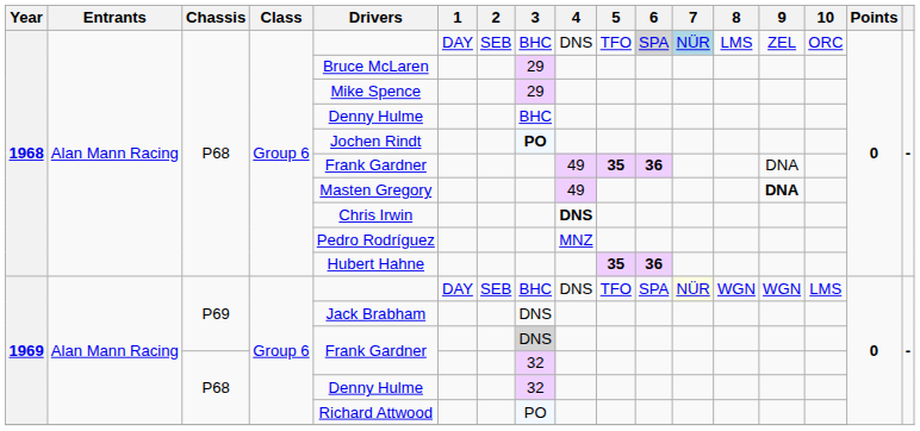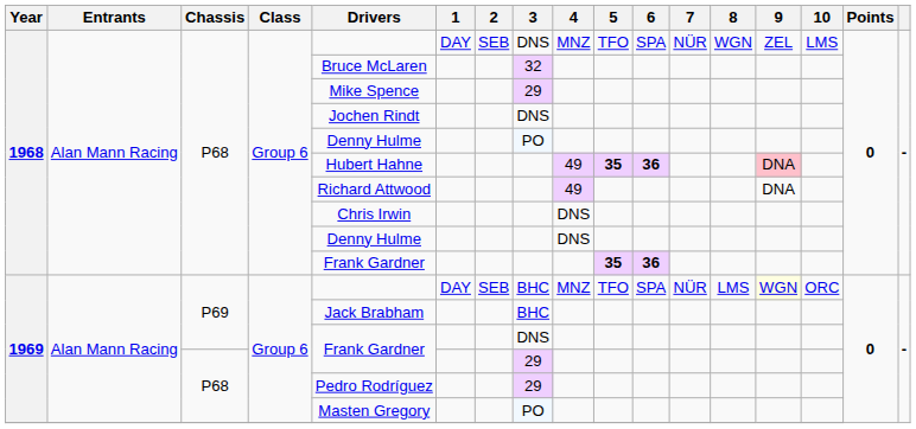 <table class="wikitable" style="text-align:center; font-size:90%">
 <tr>
 <th>Year</th>
 <th>Entrants</th>
 <th>Chassis</th>
 <th>Class</th>
 <th>Drivers</th>
 <th>1</th>
 <th>2</th>
 <th>3</th>
 <th>4</th>
 <th>5</th>
 <th>6</th>
 <th>7</th>
 <th>8</th>
 <th>9</th>
 <th>10</th>
 <th>Points</th>
 <th></th>
 </tr>
 <tr>
 <th rowspan=10><a href='#'>1968</a></th>
 <td rowspan=10 align="left"><a href='#'>Alan Mann Racing</a></td>
 <td rowspan=10>P68</td>
 <td rowspan=10><a href='#'>Group 6</a></td>
 <td></td>
 <td><a href='#'>DAY</a></td>
 <td><a href='#'>SEB</a></td>
-<td><a href='#'>BHC</a></td>
 <td>DNS</td>
+<td><a href='#'>MNZ</a></td>
 <td><a href='#'>TFO</a></td>
-<td style="background: lightgrey;"><a href='#'>SPA</a></td>
-<td style="background: lightblue;"><a href='#'>NÜR</a></td>
+<td><a href='#'>SPA</a></td>
+<td><a href='#'>NÜR</a></td>
+<td><a href='#'>WGN</a></td>
+<td><a href='#'>ZEL</a></td>
 <td><a href='#'>LMS</a></td>
-<td><a href='#'>ZEL</a></td>
-<td><a href='#'>ORC</a></td>
 <td rowspan=10><strong>0</strong></td>
 <td rowspan=10><strong>-</strong></td>
 </tr>
 <tr>
 <td> <a href='#'>Bruce McLaren</a></td>
 <td></td>
 <td></td>
-<td style="background:#efcfff;">29</td>
+<td style="background:#efcfff;">32</td>
 <td></td>
 <td></td>
 <td></td>
 <td></td>
 <td></td>
 <td></td>
 <td></td>
 </tr>
 <tr>
 <td> <a href='#'>Mike Spence</a></td>
 <td></td>
 <td></td>
 <td style="background:#efcfff;">29</td>
 <td></td>
 <td></td>
 <td></td>
 <td></td>
 <td></td>
 <td></td>
 <td></td>
 </tr>
 <tr>
-<td> <a href='#'>Denny Hulme</a></td>
+<td> <a href='#'>Jochen Rindt</a></td>
 <td></td>
 <td></td>
-<td><a href='#'>BHC</a></td>
+<td>DNS</td>
 <td></td>
 <td></td>
 <td></td>
 <td></td>
 <td></td>
 <td></td>
 <td></td>
 </tr>
 <tr>
-<td> <a href='#'>Jochen Rindt</a></td>
+<td> <a href='#'>Denny Hulme</a></td>
 <td></td>
 <td></td>
-<td style="background:#F1F8FF;"><strong>PO</strong></td>
+<td style="background:#F1F8FF;">PO</td>
 <td></td>
 <td></td>
 <td></td>
 <td></td>
 <td></td>
 <td></td>
 <td></td>
 </tr>
 <tr>
-<td> <a href='#'>Frank Gardner</a></td>
+<td> <a href='#'>Hubert Hahne</a></td>
 <td></td>
 <td></td>
 <td></td>
 <td style="background:#efcfff;">49</td>
 <td style="background:#efcfff;"><strong>35</strong></td>
 <td style="background:#efcfff;"><strong>36</strong></td>
 <td></td>
 <td></td>
-<td>DNA</td>
+<td style="background: pink;">DNA</td>
 <td></td>
 </tr>
 <tr>
-<td> <a href='#'>Masten Gregory</a></td>
+<td> <a href='#'>Richard Attwood</a></td>
 <td></td>
 <td></td>
 <td></td>
 <td style="background:#efcfff;">49</td>
 <td></td>
 <td></td>
 <td></td>
 <td></td>
-<td><strong>DNA</strong></td>
+<td>DNA</td>
 <td></td>
 </tr>
 <tr>
 <td> <a href='#'>Chris Irwin</a></td>
 <td></td>
 <td></td>
 <td></td>
-<td><strong>DNS</strong></td>
+<td>DNS</td>
 <td></td>
 <td></td>
 <td></td>
 <td></td>
 <td></td>
 <td></td>
 </tr>
 <tr>
-<td> <a href='#'>Pedro Rodríguez</a></td>
+<td> <a href='#'>Denny Hulme</a></td>
 <td></td>
 <td></td>
 <td></td>
-<td><a href='#'>MNZ</a></td>
+<td>DNS</td>
 <td></td>
 <td></td>
 <td></td>
 <td></td>
 <td></td>
 <td></td>
 </tr>
 <tr>
-<td> <a href='#'>Hubert Hahne</a></td>
+<td> <a href='#'>Frank Gardner</a></td>
 <td></td>
 <td></td>
 <td></td>
 <td></td>
 <td style="background:#efcfff;"><strong>35</strong></td>
 <td style="background:#efcfff;"><strong>36</strong></td>
 <td></td>
 <td></td>
 <td></td>
 <td></td>
 </tr>
 <tr>
 <th rowspan=6><a href='#'>1969</a></th>
 <td rowspan=6 align="left"><a href='#'>Alan Mann Racing</a></td>
 <td rowspan=3>P69</td>
 <td rowspan=6><a href='#'>Group 6</a></td>
 <td></td>
 <td><a href='#'>DAY</a></td>
 <td><a href='#'>SEB</a></td>
 <td><a href='#'>BHC</a></td>
-<td>DNS</td>
+<td><a href='#'>MNZ</a></td>
 <td><a href='#'>TFO</a></td>
 <td><a href='#'>SPA</a></td>
-<td style="background: lightyellow;"><a href='#'>NÜR</a></td>
-<td><a href='#'>WGN</a></td>
-<td><a href='#'>WGN</a></td>
+<td><a href='#'>NÜR</a></td>
 <td><a href='#'>LMS</a></td>
+<td style="background: lightyellow;"><a href='#'>WGN</a></td>
+<td><a href='#'>ORC</a></td>
 <td rowspan="9"><strong>0</strong></td>
 <td rowspan="9"><strong>-</strong></td>
 </tr>
 <tr>
 <td> <a href='#'>Jack Brabham</a></td>
+<td></td>
+<td></td>
+<td><a href='#'>BHC</a></td>
+<td></td>
+<td></td>
+<td></td>
+<td></td>
+<td></td>
+<td></td>
+<td></td>
+</tr>
+<tr>
+<td rowspan=2> <a href='#'>Frank Gardner</a></td>
 <td></td>
 <td></td>
 <td>DNS</td>
 <td></td>
 <td></td>
 <td></td>
 <td></td>
 <td></td>
 <td></td>
 <td></td>
 </tr>
 <tr>
-<td rowspan=2> <a href='#'>Frank Gardner</a></td>
+<td rowspan=3>P68</td>
 <td></td>
 <td></td>
-<td style="background: lightgrey;">DNS</td>
+<td style="background:#efcfff;">29</td>
 <td></td>
 <td></td>
 <td></td>
 <td></td>
 <td></td>
 <td></td>
 <td></td>
 </tr>
 <tr>
-<td rowspan=3>P68</td>
+<td> <a href='#'>Pedro Rodríguez</a></td>
 <td></td>
 <td></td>
-<td style="background:#efcfff;">32</td>
-<td></td>
+<td style="background:#efcfff;">29</td>
 <td></td>
 <td></td>
 <td></td>
 <td></td>
 <td></td>
 <td></td>
 </tr>
 <tr>
-<td> <a href='#'>Denny Hulme</a></td>
-<td></td>
-<td></td>
-<td style="background:#efcfff;">32</td>
-<td></td>
-<td></td>
-<td></td>
-<td></td>
-<td></td>
-<td></td>
-</tr>
-<tr>
-<td> <a href='#'>Richard Attwood</a></td>
+<td> <a href='#'>Masten Gregory</a></td>
 <td></td>
 <td></td>
 <td style="background:#F1F8FF;">PO</td>
 <td></td>
 <td></td>
 <td></td>
 <td></td>
 <td></td>
 <td></td>
 <td></td>
 </tr>
 <tr>
 </tr>
 </table>
